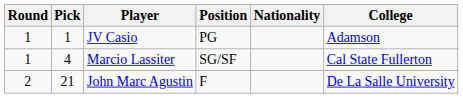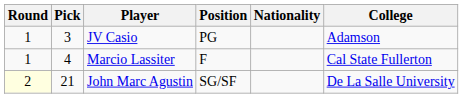 <table class="wikitable sortable sortable">
 <tr>
 <th>Round</th>
 <th>Pick</th>
 <th>Player</th>
 <th>Position</th>
 <th>Nationality</th>
 <th>College</th>
 </tr>
 <tr>
 <td align=center>1</td>
-<td align=center>1</td>
+<td align=center>3</td>
 <td><a href='#'>JV Casio</a></td>
 <td>PG</td>
 <td></td>
 <td><a href='#'>Adamson</a></td>
 </tr>
 <tr>
 <td align=center>1</td>
 <td align=center>4</td>
 <td><a href='#'>Marcio Lassiter</a></td>
-<td>SG/SF</td>
+<td>F</td>
 <td></td>
 <td><a href='#'>Cal State Fullerton</a></td>
 </tr>
 <tr>
-<td align=center>2</td>
+<td align=center style="background: lightyellow;">2</td>
 <td align=center>21</td>
 <td><a href='#'>John Marc Agustin</a></td>
-<td>F</td>
+<td>SG/SF</td>
 <td></td>
 <td><a href='#'>De La Salle University</a></td>
 </tr>
 </table>
